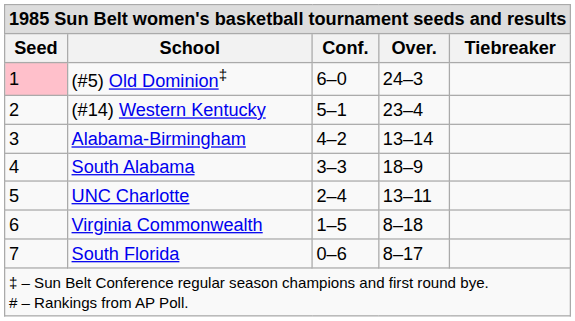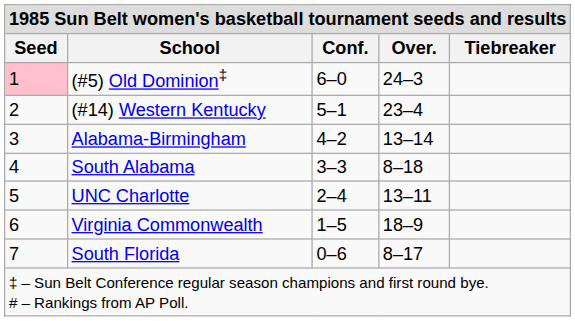 <table class="wikitable" style="white-space:nowrap; font-size:90%;">
 <tr>
 <td colspan="10" style="text-align:center; background:#DDDDDD; font:#000000"><strong>1985 Sun Belt women's basketball tournament seeds and results</strong></td>
 </tr>
 <tr bgcolor="#efefef">
 <th>Seed</th>
 <th>School</th>
 <th>Conf.</th>
 <th>Over.</th>
 <th>Tiebreaker</th>
 </tr>
 <tr>
 <td style="background: pink;">1</td>
 <td>(#5) <a href='#'>Old Dominion</a><sup>‡</sup></td>
 <td>6–0</td>
 <td>24–3</td>
 <td></td>
 </tr>
 <tr>
 <td>2</td>
 <td>(#14) <a href='#'>Western Kentucky</a></td>
 <td>5–1</td>
 <td>23–4</td>
 <td></td>
 </tr>
 <tr>
 <td>3</td>
 <td><a href='#'>Alabama-Birmingham</a></td>
 <td>4–2</td>
 <td>13–14</td>
 <td></td>
 </tr>
 <tr>
 <td>4</td>
 <td><a href='#'>South Alabama</a></td>
 <td>3–3</td>
-<td>18–9</td>
+<td>8–18</td>
 <td></td>
 </tr>
 <tr>
 <td>5</td>
 <td><a href='#'>UNC Charlotte</a></td>
 <td>2–4</td>
 <td>13–11</td>
 <td></td>
 </tr>
 <tr>
 <td>6</td>
 <td><a href='#'>Virginia Commonwealth</a></td>
 <td>1–5</td>
-<td>8–18</td>
+<td>18–9</td>
 <td></td>
 </tr>
 <tr>
 <td>7</td>
 <td><a href='#'>South Florida</a></td>
 <td>0–6</td>
 <td>8–17</td>
 <td></td>
 </tr>
 <tr>
 <td colspan="6" style="text-align:left;"><small>‡ – Sun Belt Conference regular season champions and first round bye.<br># – Rankings from AP Poll.</small></td>
 </tr>
 </table>
